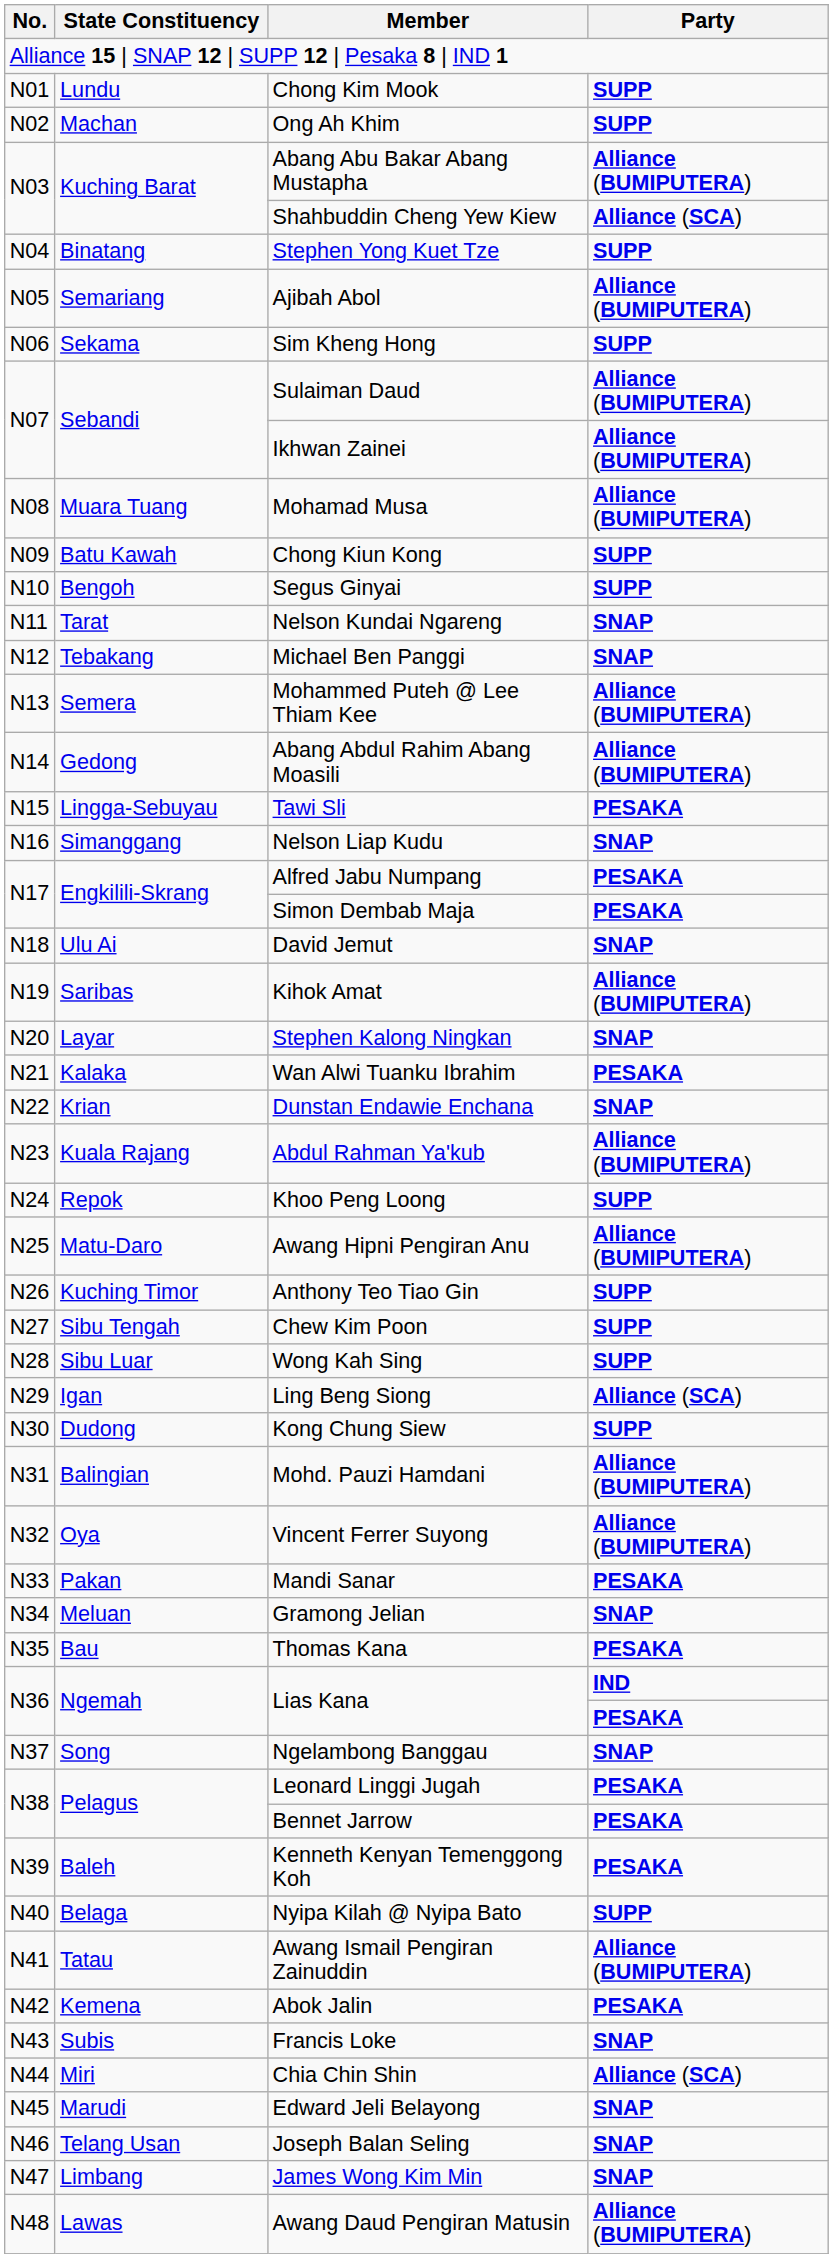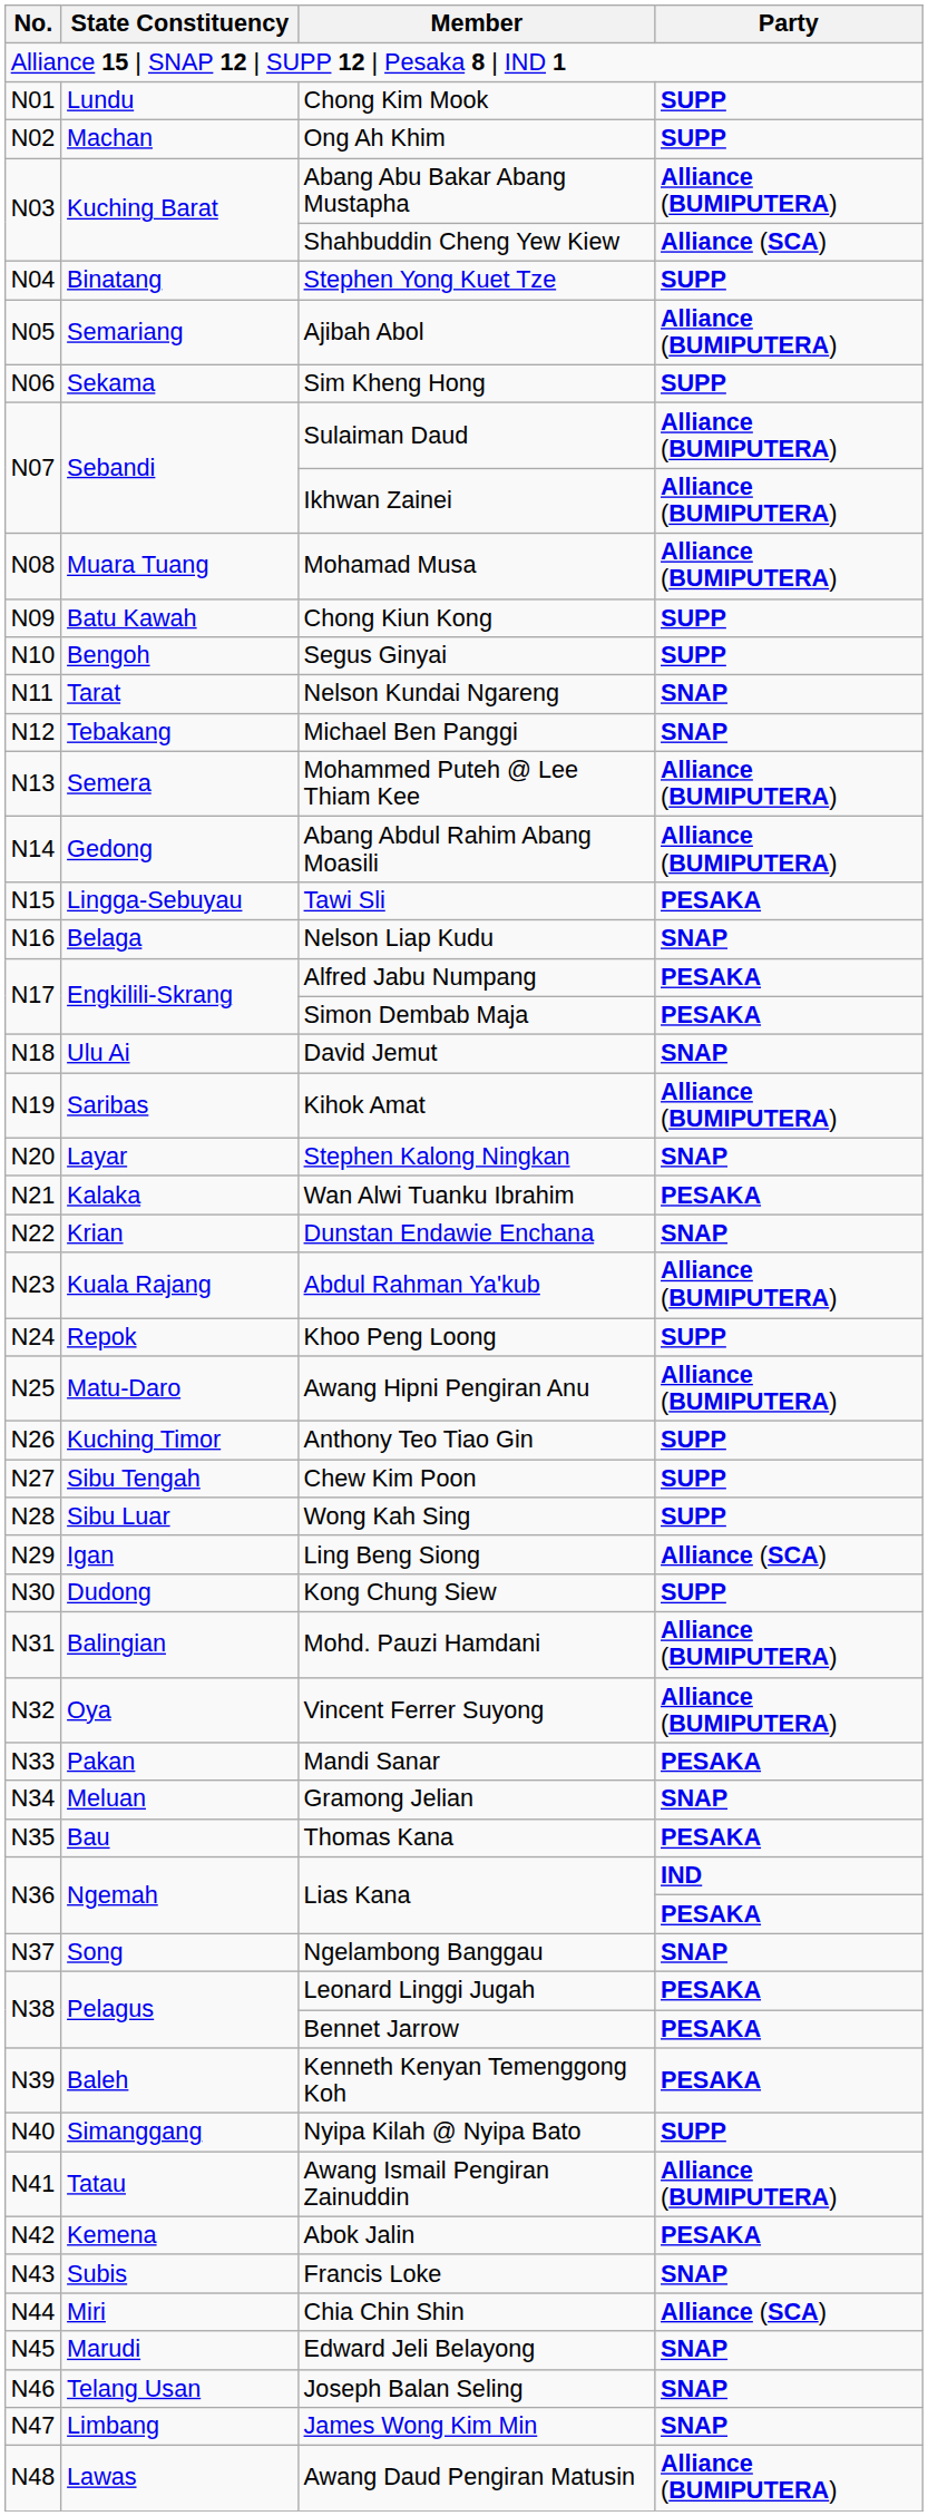 <table class="wikitable sortable">
 <tr>
 <th style="width:30px;">No.</th>
 <th style="width:150px;">State Constituency</th>
 <th style="width:230px;">Member</th>
 <th style="width:170px;">Party</th>
 </tr>
 <tr>
 <td colspan="4"><a href='#'>Alliance</a> <strong>15</strong> | <a href='#'>SNAP</a> <strong>12</strong> | <a href='#'>SUPP</a> <strong>12</strong> | <a href='#'>Pesaka</a> <strong>8</strong> | <a href='#'>IND</a> <strong>1</strong></td>
 </tr>
 <tr>
 <td>N01</td>
 <td><a href='#'>Lundu</a></td>
 <td>Chong Kim Mook</td>
 <td><strong><a href='#'>SUPP</a></strong></td>
 </tr>
 <tr>
 <td>N02</td>
 <td><a href='#'>Machan</a></td>
 <td>Ong Ah Khim</td>
 <td><strong><a href='#'>SUPP</a></strong></td>
 </tr>
 <tr>
 <td rowspan=2>N03</td>
 <td rowspan=2><a href='#'>Kuching Barat</a></td>
 <td>Abang Abu Bakar Abang Mustapha </td>
 <td><strong><a href='#'>Alliance</a></strong> (<strong><a href='#'>BUMIPUTERA</a></strong>)</td>
 </tr>
 <tr>
 <td>Shahbuddin Cheng Yew Kiew </td>
 <td><strong><a href='#'>Alliance</a></strong> (<strong><a href='#'>SCA</a></strong>)</td>
 </tr>
 <tr>
 <td>N04</td>
 <td><a href='#'>Binatang</a></td>
 <td><a href='#'>Stephen Yong Kuet Tze</a></td>
 <td><strong><a href='#'>SUPP</a></strong></td>
 </tr>
 <tr>
 <td>N05</td>
 <td><a href='#'>Semariang</a></td>
 <td>Ajibah Abol</td>
 <td><strong><a href='#'>Alliance</a></strong> (<strong><a href='#'>BUMIPUTERA</a></strong>)</td>
 </tr>
 <tr>
 <td>N06</td>
 <td><a href='#'>Sekama</a></td>
 <td>Sim Kheng Hong</td>
 <td><strong><a href='#'>SUPP</a></strong></td>
 </tr>
 <tr>
 <td rowspan=2>N07</td>
 <td rowspan=2><a href='#'>Sebandi</a></td>
 <td>Sulaiman Daud </td>
 <td><strong><a href='#'>Alliance</a></strong> (<strong><a href='#'>BUMIPUTERA</a></strong>)</td>
 </tr>
 <tr>
 <td>Ikhwan Zainei </td>
 <td><strong><a href='#'>Alliance</a></strong> (<strong><a href='#'>BUMIPUTERA</a></strong>)</td>
 </tr>
 <tr>
 <td>N08</td>
 <td><a href='#'>Muara Tuang</a></td>
 <td>Mohamad Musa</td>
 <td><strong><a href='#'>Alliance</a></strong> (<strong><a href='#'>BUMIPUTERA</a></strong>)</td>
 </tr>
 <tr>
 <td>N09</td>
 <td><a href='#'>Batu Kawah</a></td>
 <td>Chong Kiun Kong</td>
 <td><strong><a href='#'>SUPP</a></strong></td>
 </tr>
 <tr>
 <td>N10</td>
 <td><a href='#'>Bengoh</a></td>
 <td>Segus Ginyai</td>
 <td><strong><a href='#'>SUPP</a></strong></td>
 </tr>
 <tr>
 <td>N11</td>
 <td><a href='#'>Tarat</a></td>
 <td>Nelson Kundai Ngareng</td>
 <td><strong><a href='#'>SNAP</a></strong></td>
 </tr>
 <tr>
 <td>N12</td>
 <td><a href='#'>Tebakang</a></td>
 <td>Michael Ben Panggi</td>
 <td><strong><a href='#'>SNAP</a></strong></td>
 </tr>
 <tr>
 <td>N13</td>
 <td><a href='#'>Semera</a></td>
 <td>Mohammed Puteh @ Lee Thiam Kee</td>
 <td><strong><a href='#'>Alliance</a></strong> (<strong><a href='#'>BUMIPUTERA</a></strong>)</td>
 </tr>
 <tr>
 <td>N14</td>
 <td><a href='#'>Gedong</a></td>
 <td>Abang Abdul Rahim Abang Moasili</td>
 <td><strong><a href='#'>Alliance</a></strong> (<strong><a href='#'>BUMIPUTERA</a></strong>)</td>
 </tr>
 <tr>
 <td>N15</td>
 <td><a href='#'>Lingga-Sebuyau</a></td>
 <td><a href='#'>Tawi Sli</a></td>
 <td><strong><a href='#'>PESAKA</a></strong></td>
 </tr>
 <tr>
 <td>N16</td>
-<td><a href='#'>Simanggang</a></td>
+<td><a href='#'>Belaga</a></td>
 <td>Nelson Liap Kudu</td>
 <td><strong><a href='#'>SNAP</a></strong></td>
 </tr>
 <tr>
 <td rowspan=2>N17</td>
 <td rowspan=2><a href='#'>Engkilili-Skrang</a></td>
 <td>Alfred Jabu Numpang </td>
 <td><strong><a href='#'>PESAKA</a></strong></td>
 </tr>
 <tr>
 <td>Simon Dembab Maja </td>
 <td><strong><a href='#'>PESAKA</a></strong></td>
 </tr>
 <tr>
 <td>N18</td>
 <td><a href='#'>Ulu Ai</a></td>
 <td>David Jemut</td>
 <td><strong><a href='#'>SNAP</a></strong></td>
 </tr>
 <tr>
 <td>N19</td>
 <td><a href='#'>Saribas</a></td>
 <td>Kihok Amat</td>
 <td><strong><a href='#'>Alliance</a></strong> (<strong><a href='#'>BUMIPUTERA</a></strong>)</td>
 </tr>
 <tr>
 <td>N20</td>
 <td><a href='#'>Layar</a></td>
 <td><a href='#'>Stephen Kalong Ningkan</a></td>
 <td><strong><a href='#'>SNAP</a></strong></td>
 </tr>
 <tr>
 <td>N21</td>
 <td><a href='#'>Kalaka</a></td>
 <td>Wan Alwi Tuanku Ibrahim</td>
 <td><strong><a href='#'>PESAKA</a></strong></td>
 </tr>
 <tr>
 <td>N22</td>
 <td><a href='#'>Krian</a></td>
 <td><a href='#'>Dunstan Endawie Enchana</a></td>
 <td><strong><a href='#'>SNAP</a></strong></td>
 </tr>
 <tr>
 <td>N23</td>
 <td><a href='#'>Kuala Rajang</a></td>
 <td><a href='#'>Abdul Rahman Ya'kub</a></td>
 <td><strong><a href='#'>Alliance</a></strong> (<strong><a href='#'>BUMIPUTERA</a></strong>)</td>
 </tr>
 <tr>
 <td>N24</td>
 <td><a href='#'>Repok</a></td>
 <td>Khoo Peng Loong</td>
 <td><strong><a href='#'>SUPP</a></strong></td>
 </tr>
 <tr>
 <td>N25</td>
 <td><a href='#'>Matu-Daro</a></td>
 <td>Awang Hipni Pengiran Anu</td>
 <td><strong><a href='#'>Alliance</a></strong> (<strong><a href='#'>BUMIPUTERA</a></strong>)</td>
 </tr>
 <tr>
 <td>N26</td>
 <td><a href='#'>Kuching Timor</a></td>
 <td>Anthony Teo Tiao Gin</td>
 <td><strong><a href='#'>SUPP</a></strong></td>
 </tr>
 <tr>
 <td>N27</td>
 <td><a href='#'>Sibu Tengah</a></td>
 <td>Chew Kim Poon</td>
 <td><strong><a href='#'>SUPP</a></strong></td>
 </tr>
 <tr>
 <td>N28</td>
 <td><a href='#'>Sibu Luar</a></td>
 <td>Wong Kah Sing</td>
 <td><strong><a href='#'>SUPP</a></strong></td>
 </tr>
 <tr>
 <td>N29</td>
 <td><a href='#'>Igan</a></td>
 <td>Ling Beng Siong</td>
 <td><strong><a href='#'>Alliance</a></strong> (<strong><a href='#'>SCA</a></strong>)</td>
 </tr>
 <tr>
 <td>N30</td>
 <td><a href='#'>Dudong</a></td>
 <td>Kong Chung Siew</td>
 <td><strong><a href='#'>SUPP</a></strong></td>
 </tr>
 <tr>
 <td>N31</td>
 <td><a href='#'>Balingian</a></td>
 <td>Mohd. Pauzi Hamdani</td>
 <td><strong><a href='#'>Alliance</a></strong> (<strong><a href='#'>BUMIPUTERA</a></strong>)</td>
 </tr>
 <tr>
 <td>N32</td>
 <td><a href='#'>Oya</a></td>
 <td>Vincent Ferrer Suyong</td>
 <td><strong><a href='#'>Alliance</a></strong> (<strong><a href='#'>BUMIPUTERA</a></strong>)</td>
 </tr>
 <tr>
 <td>N33</td>
 <td><a href='#'>Pakan</a></td>
 <td>Mandi Sanar</td>
 <td><strong><a href='#'>PESAKA</a></strong></td>
 </tr>
 <tr>
 <td>N34</td>
 <td><a href='#'>Meluan</a></td>
 <td>Gramong Jelian</td>
 <td><strong><a href='#'>SNAP</a></strong></td>
 </tr>
 <tr>
 <td>N35</td>
 <td><a href='#'>Bau</a></td>
 <td>Thomas Kana</td>
 <td><strong><a href='#'>PESAKA</a></strong></td>
 </tr>
 <tr>
 <td rowspan=2>N36</td>
 <td rowspan=2><a href='#'>Ngemah</a></td>
 <td rowspan=2>Lias Kana</td>
 <td><strong><a href='#'>IND</a></strong></td>
 </tr>
 <tr>
 <td><strong><a href='#'>PESAKA</a></strong></td>
 </tr>
 <tr>
 <td>N37</td>
 <td><a href='#'>Song</a></td>
 <td>Ngelambong Banggau</td>
 <td><strong><a href='#'>SNAP</a></strong></td>
 </tr>
 <tr>
 <td rowspan=2>N38</td>
 <td rowspan=2><a href='#'>Pelagus</a></td>
 <td>Leonard Linggi Jugah </td>
 <td><strong><a href='#'>PESAKA</a></strong></td>
 </tr>
 <tr>
 <td>Bennet Jarrow </td>
 <td><strong><a href='#'>PESAKA</a></strong></td>
 </tr>
 <tr>
 <td>N39</td>
 <td><a href='#'>Baleh</a></td>
 <td>Kenneth Kenyan Temenggong Koh</td>
 <td><strong><a href='#'>PESAKA</a></strong></td>
 </tr>
 <tr>
 <td>N40</td>
-<td><a href='#'>Belaga</a></td>
+<td><a href='#'>Simanggang</a></td>
 <td>Nyipa Kilah @ Nyipa Bato</td>
 <td><strong><a href='#'>SUPP</a></strong></td>
 </tr>
 <tr>
 <td>N41</td>
 <td><a href='#'>Tatau</a></td>
 <td>Awang Ismail Pengiran Zainuddin</td>
 <td><strong><a href='#'>Alliance</a></strong> (<strong><a href='#'>BUMIPUTERA</a></strong>)</td>
 </tr>
 <tr>
 <td>N42</td>
 <td><a href='#'>Kemena</a></td>
 <td>Abok Jalin</td>
 <td><strong><a href='#'>PESAKA</a></strong></td>
 </tr>
 <tr>
 <td>N43</td>
 <td><a href='#'>Subis</a></td>
 <td>Francis Loke</td>
 <td><strong><a href='#'>SNAP</a></strong></td>
 </tr>
 <tr>
 <td>N44</td>
 <td><a href='#'>Miri</a></td>
 <td>Chia Chin Shin</td>
 <td><strong><a href='#'>Alliance</a></strong> (<strong><a href='#'>SCA</a></strong>)</td>
 </tr>
 <tr>
 <td>N45</td>
 <td><a href='#'>Marudi</a></td>
 <td>Edward Jeli Belayong</td>
 <td><strong><a href='#'>SNAP</a></strong></td>
 </tr>
 <tr>
 <td>N46</td>
 <td><a href='#'>Telang Usan</a></td>
 <td>Joseph Balan Seling</td>
 <td><strong><a href='#'>SNAP</a></strong></td>
 </tr>
 <tr>
 <td>N47</td>
 <td><a href='#'>Limbang</a></td>
 <td><a href='#'>James Wong Kim Min</a></td>
 <td><strong><a href='#'>SNAP</a></strong></td>
 </tr>
 <tr>
 <td>N48</td>
 <td><a href='#'>Lawas</a></td>
 <td>Awang Daud Pengiran Matusin</td>
 <td><strong><a href='#'>Alliance</a></strong> (<strong><a href='#'>BUMIPUTERA</a></strong>)</td>
 </tr>
 </table>
